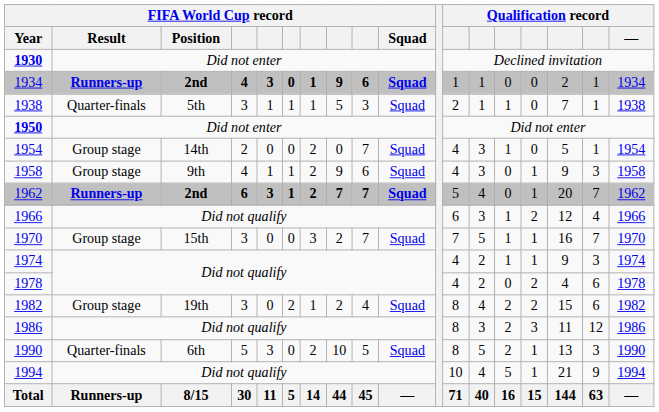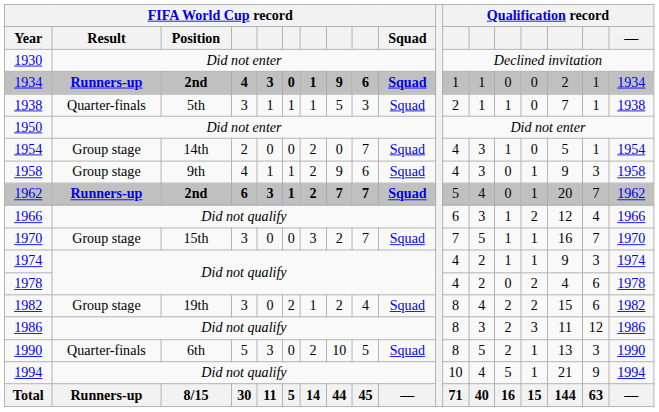 <table class="wikitable" style="text-align: center;">
 <tr>
 <th colspan=10><a href='#'>FIFA World Cup</a> record</th>
 <th width=1% rowspan=18></th>
 <th colspan=7><a href='#'>Qualification</a> record</th>
 </tr>
 <tr>
 <th>Year</th>
 <th>Result</th>
 <th>Position</th>
 <th></th>
 <th></th>
 <th></th>
 <th></th>
 <th></th>
 <th></th>
 <th>Squad</th>
 <th></th>
 <th></th>
 <th></th>
 <th></th>
 <th></th>
 <th></th>
 <th>—</th>
 </tr>
 <tr>
-<td><strong> <a href='#'>1930</a></strong></td>
+<td> <a href='#'>1930</a></td>
 <td colspan=9><em>Did not enter</em></td>
 <td colspan=7><em>Declined invitation</em></td>
 </tr>
 <tr bgcolor=Silver>
 <td> <a href='#'>1934</a></td>
 <td><strong><a href='#'>Runners-up</a></strong></td>
 <td><strong>2nd</strong></td>
 <td><strong>4</strong></td>
 <td><strong>3</strong></td>
 <td><strong>0</strong></td>
 <td><strong>1</strong></td>
 <td><strong>9</strong></td>
 <td><strong>6</strong></td>
 <td><strong><a href='#'>Squad</a></strong></td>
 <td>1</td>
 <td>1</td>
 <td>0</td>
 <td>0</td>
 <td>2</td>
 <td>1</td>
 <td><a href='#'>1934</a></td>
 </tr>
 <tr>
 <td> <a href='#'>1938</a></td>
 <td>Quarter-finals</td>
 <td>5th</td>
 <td>3</td>
 <td>1</td>
 <td>1</td>
 <td>1</td>
 <td>5</td>
 <td>3</td>
 <td><a href='#'>Squad</a></td>
 <td>2</td>
 <td>1</td>
 <td>1</td>
 <td>0</td>
 <td>7</td>
 <td>1</td>
 <td><a href='#'>1938</a></td>
 </tr>
 <tr>
-<td><strong> <a href='#'>1950</a></strong></td>
+<td> <a href='#'>1950</a></td>
 <td colspan=9><em>Did not enter</em></td>
 <td colspan=7><em>Did not enter</em></td>
 </tr>
 <tr>
 <td> <a href='#'>1954</a></td>
 <td>Group stage</td>
 <td>14th</td>
 <td>2</td>
 <td>0</td>
 <td>0</td>
 <td>2</td>
 <td>0</td>
 <td>7</td>
 <td><a href='#'>Squad</a></td>
 <td>4</td>
 <td>3</td>
 <td>1</td>
 <td>0</td>
 <td>5</td>
 <td>1</td>
 <td><a href='#'>1954</a></td>
 </tr>
 <tr>
 <td> <a href='#'>1958</a></td>
 <td>Group stage</td>
 <td>9th</td>
 <td>4</td>
 <td>1</td>
 <td>1</td>
 <td>2</td>
 <td>9</td>
 <td>6</td>
 <td><a href='#'>Squad</a></td>
 <td>4</td>
 <td>3</td>
 <td>0</td>
 <td>1</td>
 <td>9</td>
 <td>3</td>
 <td><a href='#'>1958</a></td>
 </tr>
 <tr bgcolor=silver>
 <td> <a href='#'>1962</a></td>
 <td><strong><a href='#'>Runners-up</a></strong></td>
 <td><strong>2nd</strong></td>
 <td><strong>6</strong></td>
 <td><strong>3</strong></td>
 <td><strong>1</strong></td>
 <td><strong>2</strong></td>
 <td><strong>7</strong></td>
 <td><strong>7</strong></td>
 <td><strong><a href='#'>Squad</a></strong></td>
 <td>5</td>
 <td>4</td>
 <td>0</td>
 <td>1</td>
 <td>20</td>
 <td>7</td>
 <td><a href='#'>1962</a></td>
 </tr>
 <tr>
 <td> <a href='#'>1966</a></td>
 <td colspan=9><em>Did not qualify</em></td>
 <td>6</td>
 <td>3</td>
 <td>1</td>
 <td>2</td>
 <td>12</td>
 <td>4</td>
 <td><a href='#'>1966</a></td>
 </tr>
 <tr>
 <td> <a href='#'>1970</a></td>
 <td>Group stage</td>
 <td>15th</td>
 <td>3</td>
 <td>0</td>
 <td>0</td>
 <td>3</td>
 <td>2</td>
 <td>7</td>
 <td><a href='#'>Squad</a></td>
 <td>7</td>
 <td>5</td>
 <td>1</td>
 <td>1</td>
 <td>16</td>
 <td>7</td>
 <td><a href='#'>1970</a></td>
 </tr>
 <tr>
 <td> <a href='#'>1974</a></td>
 <td colspan=9 rowspan=2><em>Did not qualify</em></td>
 <td>4</td>
 <td>2</td>
 <td>1</td>
 <td>1</td>
 <td>9</td>
 <td>3</td>
 <td><a href='#'>1974</a></td>
 </tr>
 <tr>
 <td> <a href='#'>1978</a></td>
 <td>4</td>
 <td>2</td>
 <td>0</td>
 <td>2</td>
 <td>4</td>
 <td>6</td>
 <td><a href='#'>1978</a></td>
 </tr>
 <tr>
 <td> <a href='#'>1982</a></td>
 <td>Group stage</td>
 <td>19th</td>
 <td>3</td>
 <td>0</td>
 <td>2</td>
 <td>1</td>
 <td>2</td>
 <td>4</td>
 <td><a href='#'>Squad</a></td>
 <td>8</td>
 <td>4</td>
 <td>2</td>
 <td>2</td>
 <td>15</td>
 <td>6</td>
 <td><a href='#'>1982</a></td>
 </tr>
 <tr>
 <td> <a href='#'>1986</a></td>
 <td colspan=9><em>Did not qualify</em></td>
 <td>8</td>
 <td>3</td>
 <td>2</td>
 <td>3</td>
 <td>11</td>
 <td>12</td>
 <td><a href='#'>1986</a></td>
 </tr>
 <tr>
 <td> <a href='#'>1990</a></td>
 <td>Quarter-finals</td>
 <td>6th</td>
 <td>5</td>
 <td>3</td>
 <td>0</td>
 <td>2</td>
 <td>10</td>
 <td>5</td>
 <td><a href='#'>Squad</a></td>
 <td>8</td>
 <td>5</td>
 <td>2</td>
 <td>1</td>
 <td>13</td>
 <td>3</td>
 <td><a href='#'>1990</a></td>
 </tr>
 <tr>
 <td> <a href='#'>1994</a></td>
 <td colspan=9><em>Did not qualify</em></td>
 <td>10</td>
 <td>4</td>
 <td>5</td>
 <td>1</td>
 <td>21</td>
 <td>9</td>
 <td><a href='#'>1994</a></td>
 </tr>
 <tr>
 <th>Total</th>
 <th>Runners-up</th>
 <th>8/15</th>
 <th>30</th>
 <th>11</th>
 <th>5</th>
 <th>14</th>
 <th>44</th>
 <th>45</th>
 <th>—</th>
 <th>71</th>
 <th>40</th>
 <th>16</th>
 <th>15</th>
 <th>144</th>
 <th>63</th>
 <th>—</th>
 </tr>
 </table>
